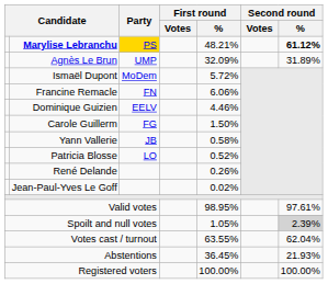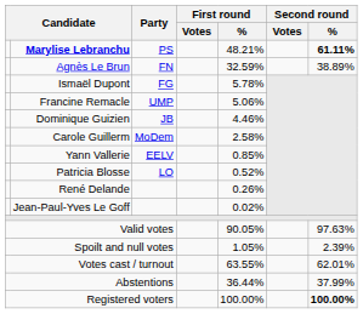 <table class="wikitable" style="text-align:right;font-size:95%;">
 <tr>
 <th rowspan=2 colspan=2>Candidate</th>
 <th rowspan=2 colspan=1>Party</th>
 <th colspan=2>First round</th>
 <th colspan=2>Second round</th>
 </tr>
 <tr>
 <th style="width:50px;">Votes</th>
 <th style="width:55px;">%</th>
 <th style="width:50px;">Votes</th>
 <th style="width:55px;">%</th>
 </tr>
 <tr>
 <td style="color:inherit;background-color:"></td>
 <td><strong><a href='#'>Marylise Lebranchu</a></strong></td>
-<td style="background: gold;"><a href='#'>PS</a></td>
+<td><a href='#'>PS</a></td>
 <td></td>
 <td>48.21%</td>
 <td><strong></strong></td>
-<td><strong>61.12%</strong></td>
+<td><strong>61.11%</strong></td>
 </tr>
 <tr>
 <td style="color:inherit;background-color:"></td>
 <td><a href='#'>Agnès Le Brun</a></td>
-<td><a href='#'>UMP</a></td>
+<td><a href='#'>FN</a></td>
 <td></td>
-<td>32.09%</td>
+<td>32.59%</td>
 <td></td>
-<td>31.89%</td>
+<td>38.89%</td>
 </tr>
 <tr>
 <td style="color:inherit;background-color:"></td>
 <td>Ismaël Dupont</td>
-<td><a href='#'>MoDem</a></td>
+<td><a href='#'>FG</a></td>
 <td></td>
-<td>5.72%</td>
+<td>5.78%</td>
 <td colspan=7 rowspan=8 style="background-color:#E9E9E9;"></td>
 </tr>
 <tr>
 <td style="color:inherit;background-color:"></td>
 <td>Francine Remacle</td>
-<td><a href='#'>FN</a></td>
+<td><a href='#'>UMP</a></td>
 <td></td>
-<td>6.06%</td>
+<td>5.06%</td>
 </tr>
 <tr>
 <td style="color:inherit;background-color:"></td>
 <td>Dominique Guizien</td>
-<td><a href='#'>EELV</a></td>
+<td><a href='#'>JB</a> </td>
 <td></td>
 <td>4.46%</td>
 </tr>
 <tr>
 <td style="color:inherit;background-color:"></td>
 <td>Carole Guillerm</td>
-<td><a href='#'>FG</a></td>
+<td><a href='#'>MoDem</a></td>
 <td></td>
-<td>1.50%</td>
+<td>2.58%</td>
 </tr>
 <tr>
 <td style="color:inherit;background-color:"></td>
 <td>Yann Vallerie</td>
-<td><a href='#'>JB</a> </td>
+<td><a href='#'>EELV</a></td>
 <td></td>
-<td>0.58%</td>
+<td>0.85%</td>
 </tr>
 <tr>
 <td style="color:inherit;background-color:"></td>
 <td>Patricia Blosse</td>
 <td><a href='#'>LO</a></td>
 <td></td>
 <td>0.52%</td>
 </tr>
 <tr>
 <td style="background-color:;"></td>
 <td>René Delande</td>
 <td></td>
 <td></td>
 <td>0.26%</td>
 </tr>
 <tr>
 <td style="background-color:;"></td>
 <td>Jean-Paul-Yves Le Goff</td>
 <td></td>
 <td></td>
 <td>0.02%</td>
 </tr>
 <tr>
 <td colspan=7 style="background-color:#E9E9E9;"></td>
 </tr>
 <tr>
 <td colspan=3>Valid votes</td>
 <td></td>
-<td>98.95%</td>
+<td>90.05%</td>
 <td></td>
-<td>97.61%</td>
+<td>97.63%</td>
 </tr>
 <tr>
 <td colspan=3>Spoilt and null votes</td>
 <td></td>
 <td>1.05%</td>
 <td></td>
-<td style="background: lightgrey;">2.39%</td>
+<td>2.39%</td>
 </tr>
 <tr>
 <td colspan=3>Votes cast / turnout</td>
 <td></td>
 <td>63.55%</td>
 <td></td>
-<td>62.04%</td>
+<td>62.01%</td>
 </tr>
 <tr>
 <td colspan=3>Abstentions</td>
 <td></td>
-<td>36.45%</td>
+<td>36.44%</td>
 <td></td>
-<td>21.93%</td>
+<td>37.99%</td>
 </tr>
 <tr>
 <td colspan=3>Registered voters</td>
 <td></td>
 <td>100.00%</td>
 <td></td>
-<td>100.00%</td>
+<td><strong>100.00%</strong></td>
 </tr>
 </table>
